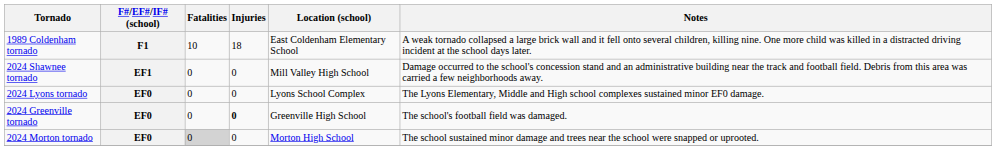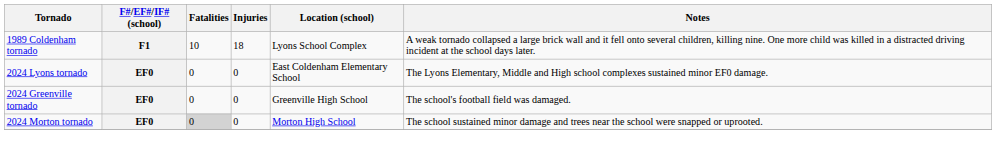 <table class="wikitable">
 <tr>
 <th>Tornado</th>
 <th><a href='#'>F#</a><strong>/</strong><a href='#'>EF#</a><strong>/</strong><a href='#'>IF#</a> (school)</th>
 <th>Fatalities</th>
 <th>Injuries</th>
 <th>Location (school)</th>
 <th>Notes</th>
 </tr>
 <tr>
 <td><a href='#'>1989 Coldenham tornado</a></td>
 <th scope="row" rowspan="1" style="background-color:#">F1</th>
 <td>10</td>
 <td>18</td>
-<td>East Coldenham Elementary School</td>
+<td>Lyons School Complex</td>
 <td>A weak tornado collapsed a large brick wall and it fell onto several children, killing nine. One more child was killed in a distracted driving incident at the school days later.</td>
-</tr>
-<tr>
-<td rowspan="1" scope="row"><a href='#'>2024 Shawnee tornado</a></td>
-<th scope="row" rowspan="1" style="background-color:#">EF1</th>
-<td>0</td>
-<td>0</td>
-<td>Mill Valley High School</td>
-<td>Damage occurred to the school's concession stand and an administrative building near the track and football field. Debris from this area was carried a few neighborhoods away.</td>
 </tr>
 <tr>
 <td rowspan="1" scope="row"><a href='#'>2024 Lyons tornado</a></td>
 <th scope="row" rowspan="1" style="background-color:#">EF0</th>
 <td>0</td>
 <td>0</td>
-<td>Lyons School Complex</td>
+<td>East Coldenham Elementary School</td>
 <td>The Lyons Elementary, Middle and High school complexes sustained minor EF0 damage.</td>
 </tr>
 <tr>
 <td rowspan="1" scope="row"><a href='#'>2024 Greenville tornado</a></td>
 <th scope="row" rowspan="1" style="background-color:#">EF0</th>
 <td>0</td>
-<td><strong>0</strong></td>
+<td>0</td>
 <td>Greenville High School</td>
 <td>The school's football field was damaged.</td>
 </tr>
 <tr>
 <td rowspan="1" scope="row"><a href='#'>2024 Morton tornado</a></td>
 <th scope="row" rowspan="1" style="background-color:#">EF0</th>
 <td style="background: lightgrey;">0</td>
 <td>0</td>
 <td><a href='#'>Morton High School</a></td>
 <td>The school sustained minor damage and trees near the school were snapped or uprooted.</td>
 </tr>
 <tr>
 </tr>
 </table>
